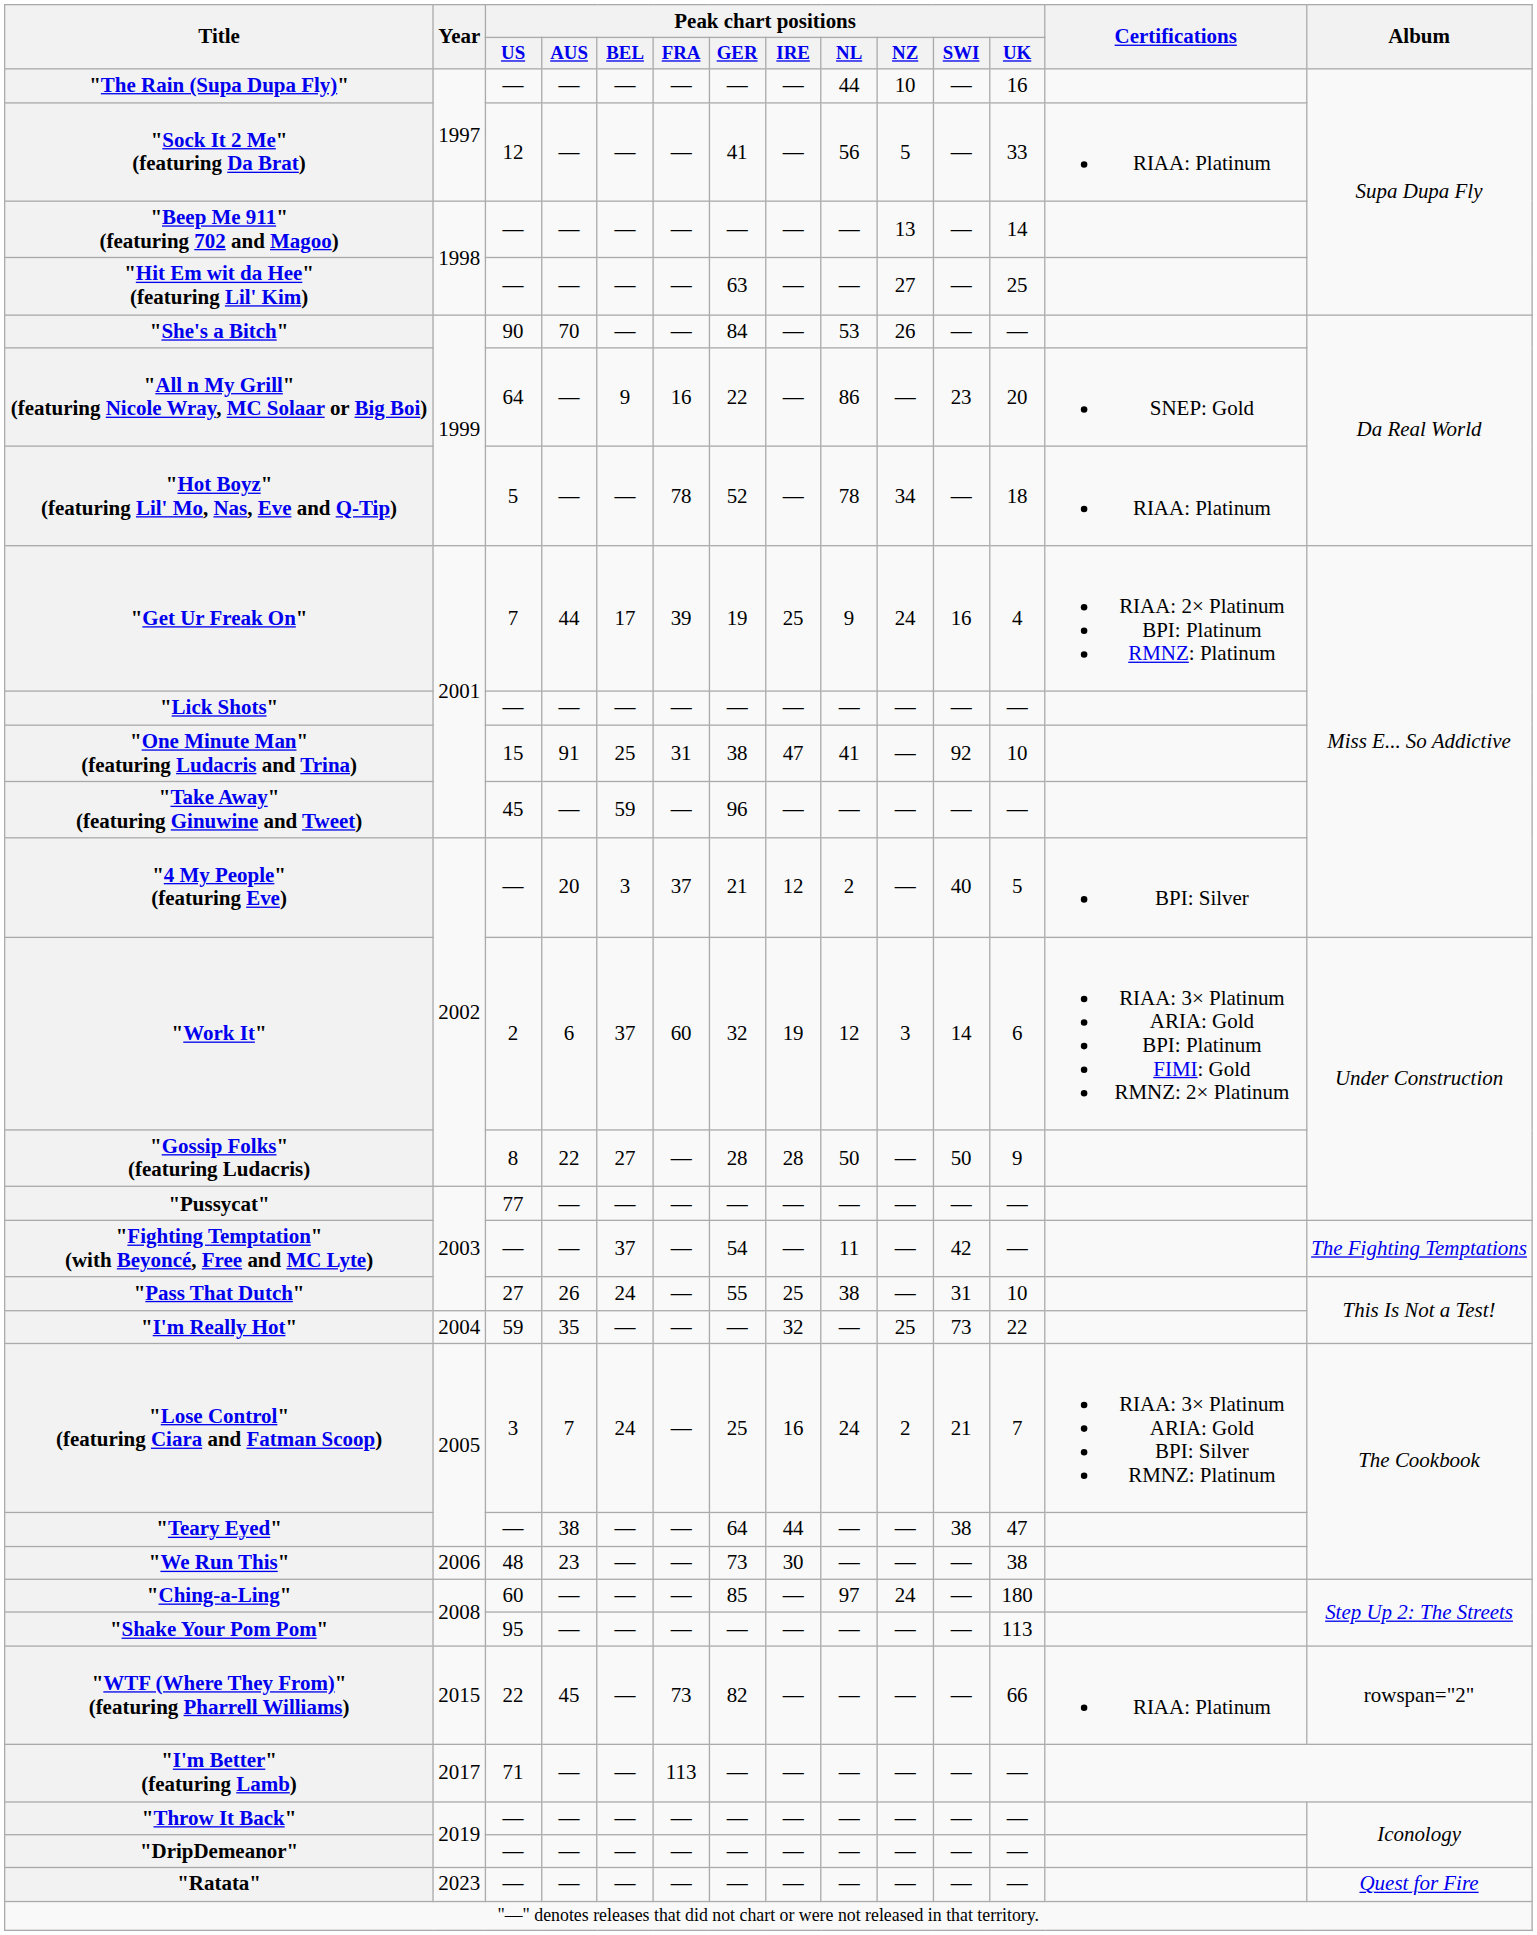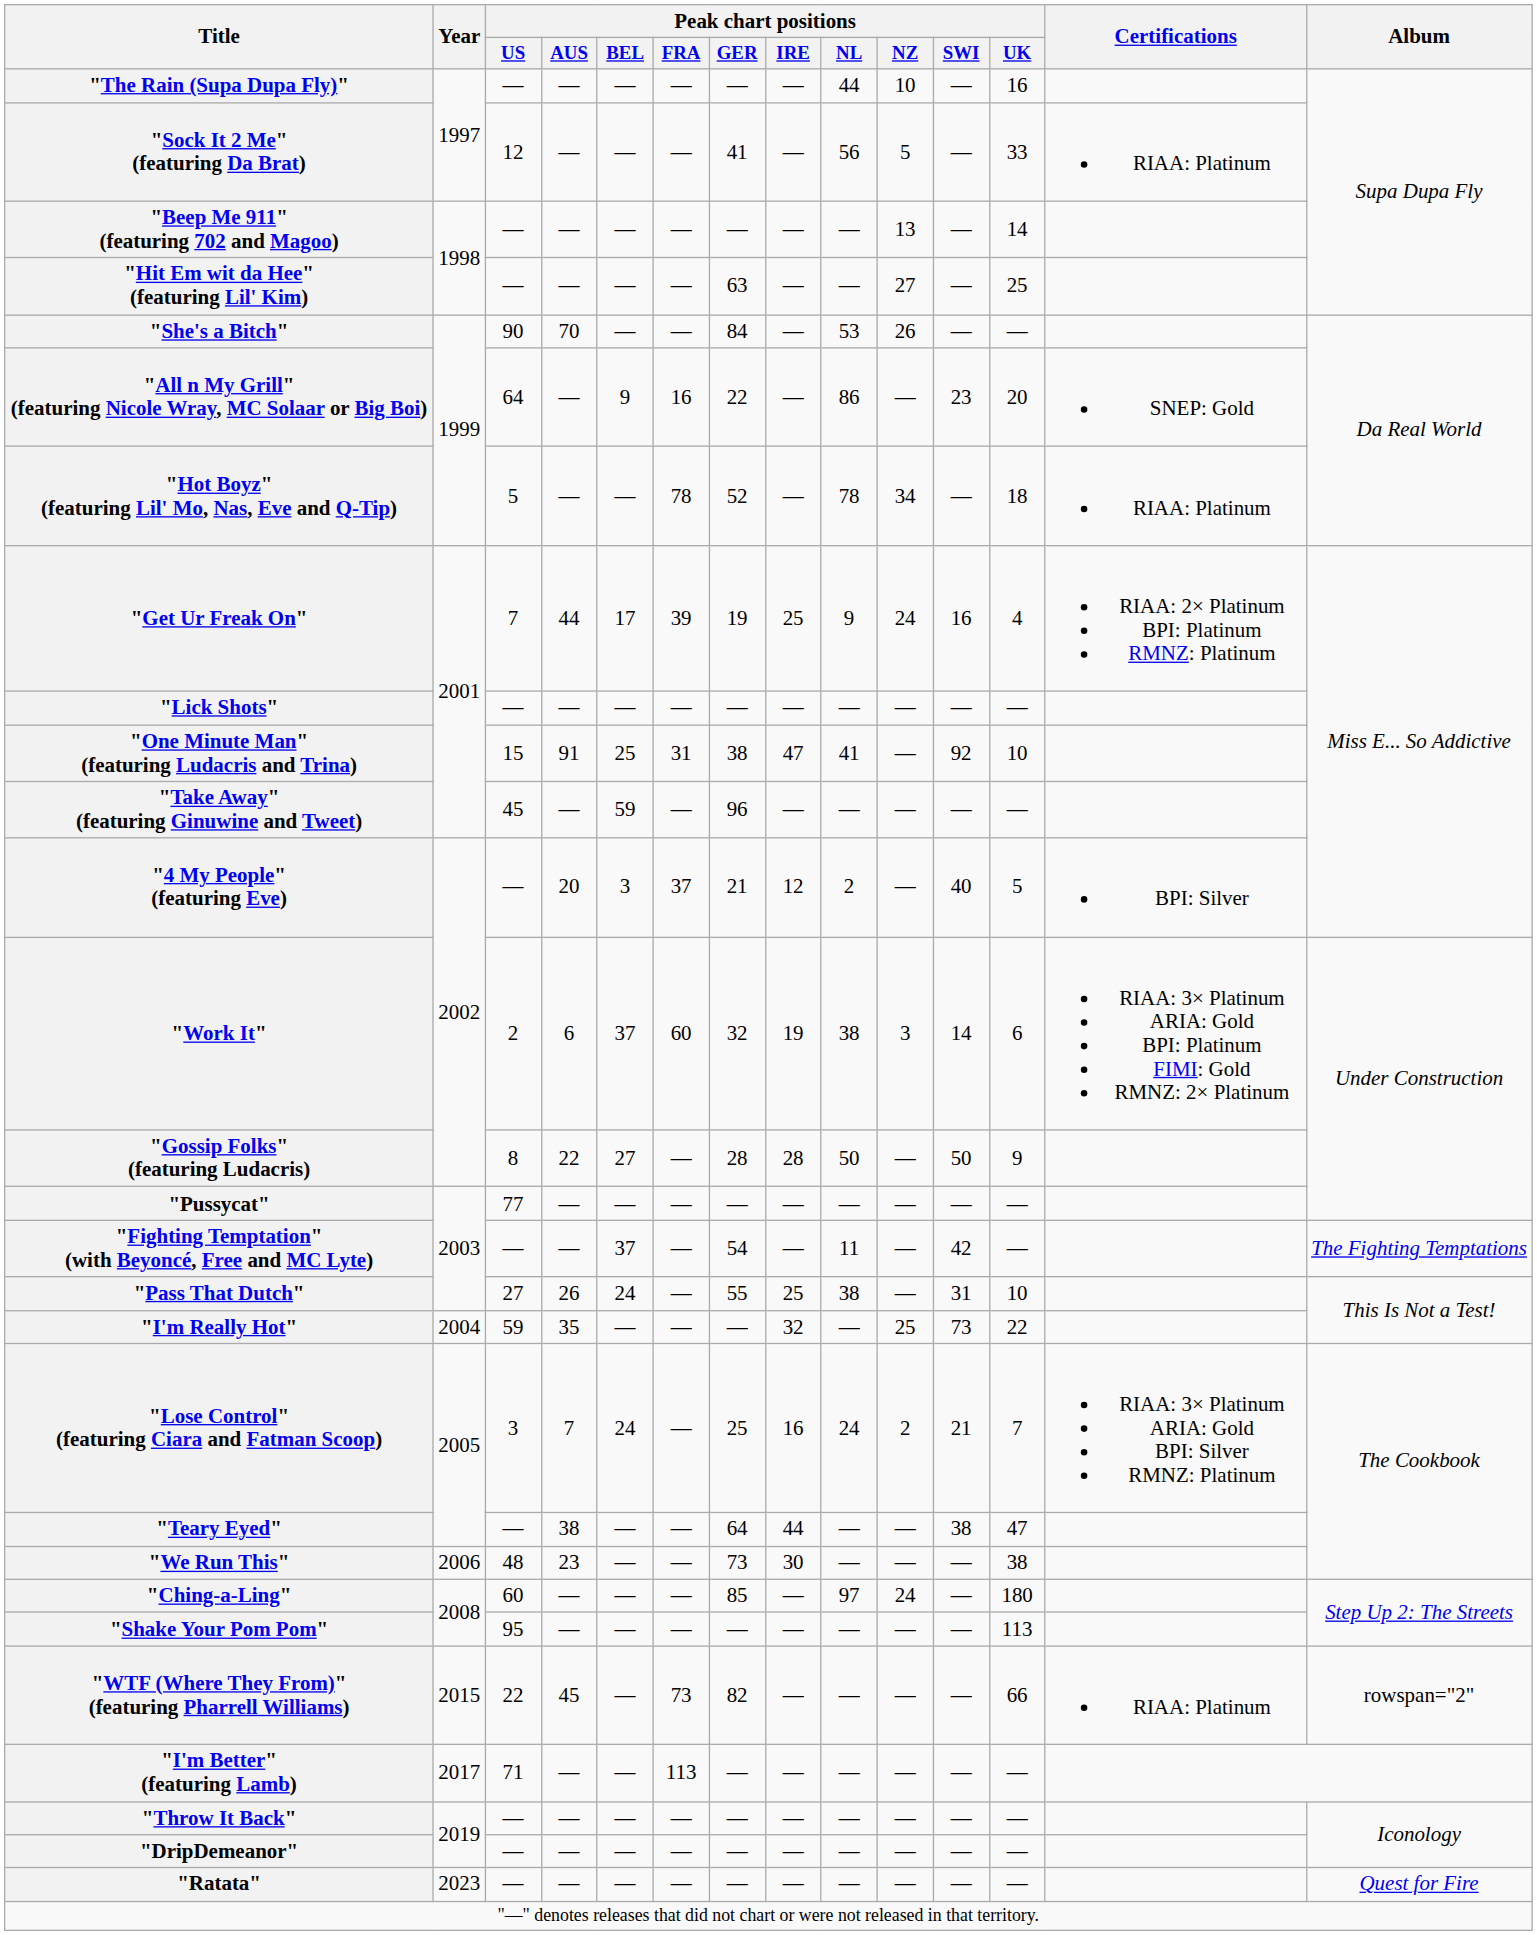 <table class="wikitable plainrowheaders" style="text-align:center;">
 <tr>
 <th scope="col" rowspan="2" style="width:20em;">Title</th>
 <th scope="col" rowspan="2">Year</th>
 <th scope="col" colspan="10">Peak chart positions</th>
 <th scope="col" rowspan="2" style="width:12em;"><a href='#'>Certifications</a></th>
 <th scope="col" rowspan="2">Album</th>
 </tr>
 <tr>
 <th style="width:2.5em; font-size:90%"><a href='#'>US</a><br></th>
 <th style="width:2.5em; font-size:90%"><a href='#'>AUS</a><br></th>
 <th style="width:2.5em; font-size:90%"><a href='#'>BEL</a><br></th>
 <th scope="col" style="width:2.5em;font-size:90%;"><a href='#'>FRA</a> <br></th>
 <th style="width:2.5em; font-size:90%"><a href='#'>GER</a><br></th>
 <th style="width:2.5em; font-size:90%"><a href='#'>IRE</a><br></th>
 <th style="width:2.5em; font-size:90%"><a href='#'>NL</a><br></th>
 <th style="width:2.5em; font-size:90%"><a href='#'>NZ</a><br></th>
 <th style="width:2.5em; font-size:90%"><a href='#'>SWI</a><br></th>
 <th style="width:2.5em; font-size:90%"><a href='#'>UK</a><br></th>
 </tr>
 <tr>
 <th scope="row">"<a href='#'>The Rain (Supa Dupa Fly)</a>"</th>
 <td rowspan="2">1997</td>
 <td>—</td>
 <td>—</td>
 <td>—</td>
 <td>—</td>
 <td>—</td>
 <td>—</td>
 <td>44</td>
 <td>10</td>
 <td>—</td>
 <td>16</td>
 <td></td>
 <td rowspan="4"><em>Supa Dupa Fly</em></td>
 </tr>
 <tr>
 <th scope="row">"<a href='#'>Sock It 2 Me</a>"<br><span>(featuring <a href='#'>Da Brat</a>)</span></th>
 <td>12</td>
 <td>—</td>
 <td>—</td>
 <td>—</td>
 <td>41</td>
 <td>—</td>
 <td>56</td>
 <td>5</td>
 <td>—</td>
 <td>33</td>
 <td><br><ul><li>RIAA: Platinum</li></ul></td>
 </tr>
 <tr>
 <th scope="row">"<a href='#'>Beep Me 911</a>"<br><span>(featuring <a href='#'>702</a> and <a href='#'>Magoo</a>)</span></th>
 <td rowspan="2">1998</td>
 <td>—</td>
 <td>—</td>
 <td>—</td>
 <td>—</td>
 <td>—</td>
 <td>—</td>
 <td>—</td>
 <td>13</td>
 <td>—</td>
 <td>14</td>
 <td></td>
 </tr>
 <tr>
 <th scope="row">"<a href='#'>Hit Em wit da Hee</a>"<br><span>(featuring <a href='#'>Lil' Kim</a>)</span></th>
 <td>—</td>
 <td>—</td>
 <td>—</td>
 <td>—</td>
 <td>63</td>
 <td>—</td>
 <td>—</td>
 <td>27</td>
 <td>—</td>
 <td>25</td>
 <td></td>
 </tr>
 <tr>
 <th scope="row">"<a href='#'>She's a Bitch</a>"</th>
 <td rowspan="3">1999</td>
 <td>90</td>
 <td>70</td>
 <td>—</td>
 <td>—</td>
 <td>84</td>
 <td>—</td>
 <td>53</td>
 <td>26</td>
 <td>—</td>
 <td>—</td>
 <td></td>
 <td rowspan="3"><em>Da Real World</em></td>
 </tr>
 <tr>
 <th scope="row">"<a href='#'>All n My Grill</a>"<br><span>(featuring <a href='#'>Nicole Wray</a>, <a href='#'>MC Solaar</a> or <a href='#'>Big Boi</a>)</span></th>
 <td>64</td>
 <td>—</td>
 <td>9</td>
 <td>16</td>
 <td>22</td>
 <td>—</td>
 <td>86</td>
 <td>—</td>
 <td>23</td>
 <td>20</td>
 <td><br><ul><li>SNEP: Gold</li></ul></td>
 </tr>
 <tr>
 <th scope="row">"<a href='#'>Hot Boyz</a>"<br><span>(featuring <a href='#'>Lil' Mo</a>, <a href='#'>Nas</a>, <a href='#'>Eve</a> and <a href='#'>Q-Tip</a>)</span></th>
 <td>5</td>
 <td>—</td>
 <td>—</td>
 <td>78</td>
 <td>52</td>
 <td>—</td>
 <td>78</td>
 <td>34</td>
 <td>—</td>
 <td>18</td>
 <td><br><ul><li>RIAA: Platinum</li></ul></td>
 </tr>
 <tr>
 <th scope="row">"<a href='#'>Get Ur Freak On</a>"</th>
 <td rowspan="4">2001</td>
 <td>7</td>
 <td>44</td>
 <td>17</td>
 <td>39</td>
 <td>19</td>
 <td>25</td>
 <td>9</td>
 <td>24</td>
 <td>16</td>
 <td>4</td>
 <td><br><ul><li>RIAA: 2× Platinum</li><li>BPI: Platinum</li><li><a href='#'>RMNZ</a>: Platinum</li></ul></td>
 <td rowspan="5"><em>Miss E... So Addictive</em></td>
 </tr>
 <tr>
 <th scope="row">"<a href='#'>Lick Shots</a>"</th>
 <td>—</td>
 <td>—</td>
 <td>—</td>
 <td>—</td>
 <td>—</td>
 <td>—</td>
 <td>—</td>
 <td>—</td>
 <td>—</td>
 <td>—</td>
 <td></td>
 </tr>
 <tr>
 <th scope="row">"<a href='#'>One Minute Man</a>"<br><span>(featuring <a href='#'>Ludacris</a> and <a href='#'>Trina</a>)</span></th>
 <td>15</td>
 <td>91</td>
 <td>25</td>
 <td>31</td>
 <td>38</td>
 <td>47</td>
 <td>41</td>
 <td>—</td>
 <td>92</td>
 <td>10</td>
 <td></td>
 </tr>
 <tr>
 <th scope="row">"<a href='#'>Take Away</a>"<br><span>(featuring <a href='#'>Ginuwine</a> and <a href='#'>Tweet</a>)</span></th>
 <td>45</td>
 <td>—</td>
 <td>59</td>
 <td>—</td>
 <td>96</td>
 <td>—</td>
 <td>—</td>
 <td>—</td>
 <td>—</td>
 <td>—</td>
 <td></td>
 </tr>
 <tr>
 <th scope="row">"<a href='#'>4 My People</a>"<br><span>(featuring <a href='#'>Eve</a>)</span></th>
 <td rowspan="3">2002</td>
 <td>—</td>
 <td>20</td>
 <td>3</td>
 <td>37</td>
 <td>21</td>
 <td>12</td>
 <td>2</td>
 <td>—</td>
 <td>40</td>
 <td>5</td>
 <td><br><ul><li>BPI: Silver</li></ul></td>
 </tr>
 <tr>
 <th scope="row">"<a href='#'>Work It</a>"</th>
 <td>2</td>
 <td>6</td>
 <td>37</td>
 <td>60</td>
 <td>32</td>
 <td>19</td>
-<td>12</td>
+<td>38</td>
 <td>3</td>
 <td>14</td>
 <td>6</td>
 <td><br><ul><li>RIAA: 3× Platinum</li><li>ARIA: Gold</li><li>BPI: Platinum</li><li><a href='#'>FIMI</a>: Gold</li><li>RMNZ: 2× Platinum</li></ul></td>
 <td rowspan="3"><em>Under Construction</em></td>
 </tr>
 <tr>
 <th scope="row">"<a href='#'>Gossip Folks</a>"<br><span>(featuring Ludacris)</span></th>
 <td>8</td>
 <td>22</td>
 <td>27</td>
 <td>—</td>
 <td>28</td>
 <td>28</td>
 <td>50</td>
 <td>—</td>
 <td>50</td>
 <td>9</td>
 <td></td>
 </tr>
 <tr>
 <th scope="row">"Pussycat"</th>
 <td rowspan="3">2003</td>
 <td>77</td>
 <td>—</td>
 <td>—</td>
 <td>—</td>
 <td>—</td>
 <td>—</td>
 <td>—</td>
 <td>—</td>
 <td>—</td>
 <td>—</td>
 <td></td>
 </tr>
 <tr>
 <th scope="row">"<a href='#'>Fighting Temptation</a>"<br><span>(with <a href='#'>Beyoncé</a>, <a href='#'>Free</a> and <a href='#'>MC Lyte</a>)</span></th>
 <td>—</td>
 <td>—</td>
 <td>37</td>
 <td>—</td>
 <td>54</td>
 <td>—</td>
 <td>11</td>
 <td>—</td>
 <td>42</td>
 <td>—</td>
 <td></td>
 <td><em><a href='#'>The Fighting Temptations</a></em></td>
 </tr>
 <tr>
 <th scope="row">"<a href='#'>Pass That Dutch</a>"</th>
 <td>27</td>
 <td>26</td>
 <td>24</td>
 <td>—</td>
 <td>55</td>
 <td>25</td>
 <td>38</td>
 <td>—</td>
 <td>31</td>
 <td>10</td>
 <td></td>
 <td rowspan="2"><em>This Is Not a Test!</em></td>
 </tr>
 <tr>
 <th scope="row">"<a href='#'>I'm Really Hot</a>"</th>
 <td>2004</td>
 <td>59</td>
 <td>35</td>
 <td>—</td>
 <td>—</td>
 <td>—</td>
 <td>32</td>
 <td>—</td>
 <td>25</td>
 <td>73</td>
 <td>22</td>
 <td></td>
 </tr>
 <tr>
 <th scope="row">"<a href='#'>Lose Control</a>"<br><span>(featuring <a href='#'>Ciara</a> and <a href='#'>Fatman Scoop</a>)</span></th>
 <td rowspan="2">2005</td>
 <td>3</td>
 <td>7</td>
 <td>24</td>
 <td>—</td>
 <td>25</td>
 <td>16</td>
 <td>24</td>
 <td>2</td>
 <td>21</td>
 <td>7</td>
 <td><br><ul><li>RIAA: 3× Platinum</li><li>ARIA: Gold</li><li>BPI: Silver</li><li>RMNZ: Platinum</li></ul></td>
 <td rowspan="3"><em>The Cookbook</em></td>
 </tr>
 <tr>
 <th scope="row">"<a href='#'>Teary Eyed</a>"</th>
 <td>—</td>
 <td>38</td>
 <td>—</td>
 <td>—</td>
 <td>64</td>
 <td>44</td>
 <td>—</td>
 <td>—</td>
 <td>38</td>
 <td>47</td>
 <td></td>
 </tr>
 <tr>
 <th scope="row">"<a href='#'>We Run This</a>"</th>
 <td>2006</td>
 <td>48</td>
 <td>23</td>
 <td>—</td>
 <td>—</td>
 <td>73</td>
 <td>30</td>
 <td>—</td>
 <td>—</td>
 <td>—</td>
 <td>38</td>
 <td></td>
 </tr>
 <tr>
 <th scope="row">"<a href='#'>Ching-a-Ling</a>"</th>
 <td rowspan="2">2008</td>
 <td>60</td>
 <td>—</td>
 <td>—</td>
 <td>—</td>
 <td>85</td>
 <td>—</td>
 <td>97</td>
 <td>24</td>
 <td>—</td>
 <td>180</td>
 <td></td>
 <td rowspan="2"><em><a href='#'>Step Up 2: The Streets</a></em></td>
 </tr>
 <tr>
 <th scope="row">"<a href='#'>Shake Your Pom Pom</a>"</th>
 <td>95</td>
 <td>—</td>
 <td>—</td>
 <td>—</td>
 <td>—</td>
 <td>—</td>
 <td>—</td>
 <td>—</td>
 <td>—</td>
 <td>113</td>
 <td></td>
 </tr>
 <tr>
 <th scope="row">"<a href='#'>WTF (Where They From)</a>"<br><span>(featuring <a href='#'>Pharrell Williams</a>)</span></th>
 <td>2015</td>
 <td>22</td>
 <td>45</td>
 <td>—</td>
 <td>73</td>
 <td>82</td>
 <td>—</td>
 <td>—</td>
 <td>—</td>
 <td>—</td>
 <td>66</td>
 <td><br><ul><li>RIAA: Platinum</li></ul></td>
 <td>rowspan="2" </td>
 </tr>
 <tr>
 <th scope="row">"<a href='#'>I'm Better</a>"<br><span>(featuring <a href='#'>Lamb</a>)</span></th>
 <td>2017</td>
 <td>71</td>
 <td>—</td>
 <td>—</td>
 <td>113<br></td>
 <td>—</td>
 <td>—</td>
 <td>—</td>
 <td>—</td>
 <td>—</td>
 <td>—</td>
 </tr>
 <tr>
 <th scope="row">"<a href='#'>Throw It Back</a>"</th>
 <td rowspan="2">2019</td>
 <td>—</td>
 <td>—</td>
 <td>—</td>
 <td>—</td>
 <td>—</td>
 <td>—</td>
 <td>—</td>
 <td>—</td>
 <td>—</td>
 <td>—</td>
 <td></td>
 <td rowspan="2"><em>Iconology</em></td>
 </tr>
 <tr>
 <th scope="row">"DripDemeanor"<br></th>
 <td>—</td>
 <td>—</td>
 <td>—</td>
 <td>—</td>
 <td>—</td>
 <td>—</td>
 <td>—</td>
 <td>—</td>
 <td>—</td>
 <td>—</td>
 <td></td>
 </tr>
 <tr>
 <th scope="row">"Ratata"<br></th>
 <td>2023</td>
 <td>—</td>
 <td>—</td>
 <td>—</td>
 <td>—</td>
 <td>—</td>
 <td>—</td>
 <td>—</td>
 <td>—</td>
 <td>—</td>
 <td —>—</td>
 <td></td>
 <td><em><a href='#'>Quest for Fire</a></em></td>
 </tr>
 <tr>
 <td align="center" colspan="15" style="font-size:85%">"—" denotes releases that did not chart or were not released in that territory.</td>
 </tr>
 </table>
